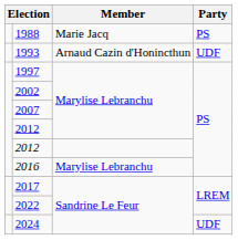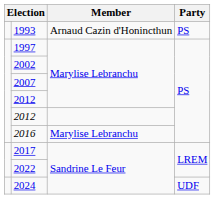 <table class="wikitable">
 <tr>
 <th colspan="2">Election</th>
 <th>Member</th>
 <th>Party</th>
 </tr>
 <tr>
 <td style="color:inherit;background-color: "></td>
-<td><a href='#'>1988</a></td>
-<td>Marie Jacq</td>
-<td><a href='#'>PS</a></td>
-</tr>
-<tr>
-<td style="color:inherit;background-color: "></td>
 <td><a href='#'>1993</a></td>
 <td>Arnaud Cazin d'Honincthun</td>
-<td><a href='#'>UDF</a></td>
+<td><a href='#'>PS</a></td>
 </tr>
 <tr>
 <td rowspan="6" style="color:inherit;background-color: "></td>
 <td><a href='#'>1997</a></td>
 <td rowspan=4><a href='#'>Marylise Lebranchu</a></td>
 <td rowspan="6"><a href='#'>PS</a></td>
 </tr>
 <tr>
 <td><a href='#'>2002</a></td>
 </tr>
 <tr>
 <td><a href='#'>2007</a></td>
 </tr>
 <tr>
 <td><a href='#'>2012</a></td>
 </tr>
 <tr>
 <td><em>2012</em></td>
 <td></td>
 </tr>
 <tr>
 <td><em>2016</em></td>
 <td><a href='#'>Marylise Lebranchu</a></td>
 </tr>
 <tr>
 <td rowspan="2" style="color:inherit;background-color: "></td>
 <td><a href='#'>2017</a></td>
 <td rowspan="3"><a href='#'>Sandrine Le Feur</a></td>
 <td rowspan="2"><a href='#'>LREM</a></td>
 </tr>
 <tr>
 <td><a href='#'>2022</a></td>
 </tr>
 <tr>
 <td style="color:inherit;background-color: "></td>
 <td><a href='#'>2024</a></td>
 <td><a href='#'>UDF</a></td>
 </tr>
 </table>
